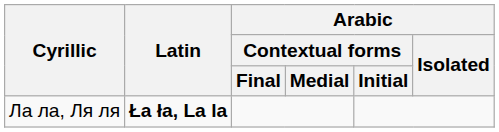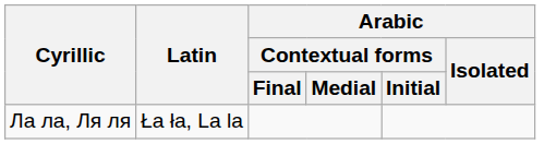 <table class="wikitable" style=text-align:center>
 <tr>
 <th rowspan="3">Cyrillic</th>
 <th rowspan="3">Latin</th>
 <th colspan="4">Arabic</th>
 </tr>
 <tr>
 <th colspan="3">Contextual forms</th>
 <th rowspan="2">Isolated</th>
 </tr>
 <tr>
 <th>Final</th>
 <th>Medial</th>
 <th>Initial</th>
 </tr>
 <tr>
 <td>Ла ла, Ля ля</td>
-<td><strong>Ła ła, La la</strong></td>
+<td>Ła ła, La la</td>
 <td style="line-height:150%;padding:10px;font-size:200%;" colspan="2"></td>
 <td style="line-height:150%;padding:10px;font-size:200%;" colspan="2"></td>
 </tr>
 </table>
